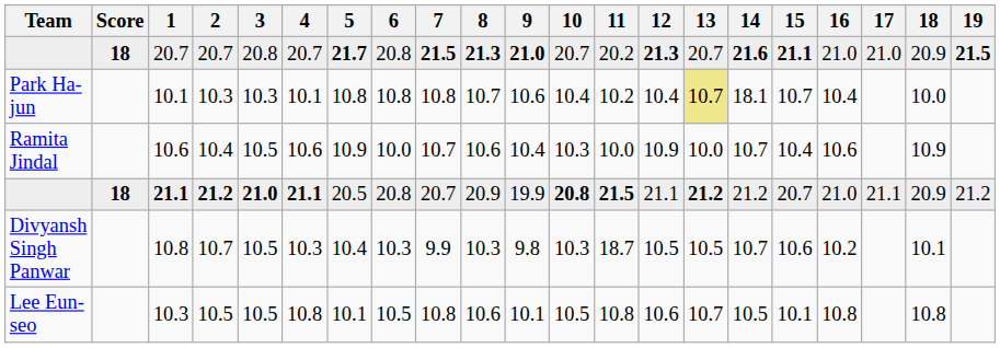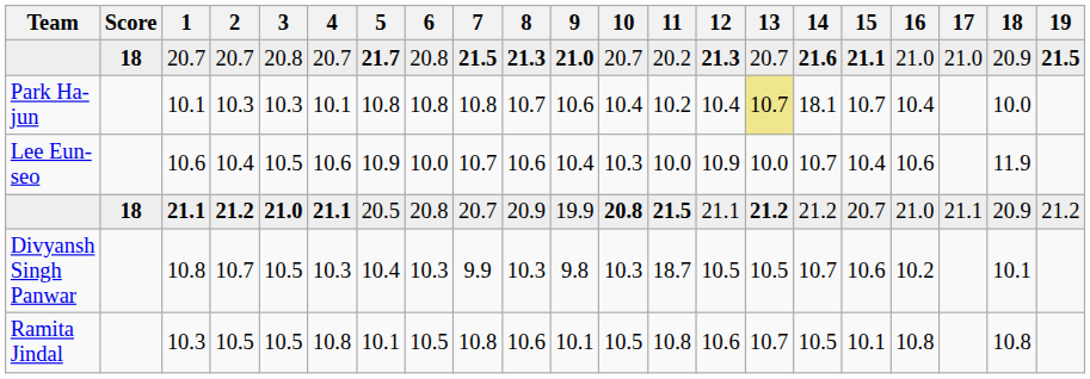 <table class="wikitable" style="text-align:center">
 <tr>
 <th width=200>Team</th>
 <th width=40>Score</th>
 <th width=30>1</th>
 <th width=30>2</th>
 <th width=30>3</th>
 <th width=30>4</th>
 <th width=30>5</th>
 <th width=30>6</th>
 <th width=30>7</th>
 <th width=30>8</th>
 <th width=30>9</th>
 <th width=30>10</th>
 <th width=30>11</th>
 <th width=30>12</th>
 <th width=30>13</th>
 <th width=30>14</th>
 <th width=30>15</th>
 <th width=30>16</th>
 <th width=30>17</th>
 <th width=30>18</th>
 <th width=30>19</th>
 </tr>
 <tr bgcolor=eeeeee>
 <td align=left></td>
 <td><strong>18</strong></td>
 <td>20.7</td>
 <td>20.7</td>
 <td>20.8</td>
 <td>20.7</td>
 <td><strong>21.7</strong></td>
 <td>20.8</td>
 <td><strong>21.5</strong></td>
 <td><strong>21.3</strong></td>
 <td><strong>21.0</strong></td>
 <td>20.7</td>
 <td>20.2</td>
 <td><strong>21.3</strong></td>
 <td>20.7</td>
 <td><strong>21.6</strong></td>
 <td><strong>21.1</strong></td>
 <td>21.0</td>
 <td>21.0</td>
 <td>20.9</td>
 <td><strong>21.5</strong></td>
 </tr>
 <tr>
 <td align=left><a href='#'>Park Ha-jun</a></td>
 <td></td>
 <td>10.1</td>
 <td>10.3</td>
 <td>10.3</td>
 <td>10.1</td>
 <td>10.8</td>
 <td>10.8</td>
 <td>10.8</td>
 <td>10.7</td>
 <td>10.6</td>
 <td>10.4</td>
 <td>10.2</td>
 <td>10.4</td>
 <td style="background: khaki;">10.7</td>
 <td>18.1</td>
 <td>10.7</td>
 <td>10.4</td>
 <td></td>
 <td>10.0</td>
 <td></td>
 </tr>
 <tr>
-<td align=left><a href='#'>Ramita Jindal</a></td>
+<td align=left><a href='#'>Lee Eun-seo</a></td>
 <td></td>
 <td>10.6</td>
 <td>10.4</td>
 <td>10.5</td>
 <td>10.6</td>
 <td>10.9</td>
 <td>10.0</td>
 <td>10.7</td>
 <td>10.6</td>
 <td>10.4</td>
 <td>10.3</td>
 <td>10.0</td>
 <td>10.9</td>
 <td>10.0</td>
 <td>10.7</td>
 <td>10.4</td>
 <td>10.6</td>
 <td></td>
-<td>10.9</td>
+<td>11.9</td>
 <td></td>
 </tr>
 <tr bgcolor=eeeeee>
 <td align=left></td>
 <td><strong>18</strong></td>
 <td><strong>21.1</strong></td>
 <td><strong>21.2</strong></td>
 <td><strong>21.0</strong></td>
 <td><strong>21.1</strong></td>
 <td>20.5</td>
 <td>20.8</td>
 <td>20.7</td>
 <td>20.9</td>
 <td>19.9</td>
 <td><strong>20.8</strong></td>
 <td><strong>21.5</strong></td>
 <td>21.1</td>
 <td><strong>21.2</strong></td>
 <td>21.2</td>
 <td>20.7</td>
 <td>21.0</td>
 <td>21.1</td>
 <td>20.9</td>
 <td>21.2</td>
 </tr>
 <tr>
 <td align=left><a href='#'>Divyansh Singh Panwar</a></td>
 <td></td>
 <td>10.8</td>
 <td>10.7</td>
 <td>10.5</td>
 <td>10.3</td>
 <td>10.4</td>
 <td>10.3</td>
 <td>9.9</td>
 <td>10.3</td>
 <td>9.8</td>
 <td>10.3</td>
 <td>18.7</td>
 <td>10.5</td>
 <td>10.5</td>
 <td>10.7</td>
 <td>10.6</td>
 <td>10.2</td>
 <td></td>
 <td>10.1</td>
 <td></td>
 </tr>
 <tr>
-<td align=left><a href='#'>Lee Eun-seo</a></td>
+<td align=left><a href='#'>Ramita Jindal</a></td>
 <td></td>
 <td>10.3</td>
 <td>10.5</td>
 <td>10.5</td>
 <td>10.8</td>
 <td>10.1</td>
 <td>10.5</td>
 <td>10.8</td>
 <td>10.6</td>
 <td>10.1</td>
 <td>10.5</td>
 <td>10.8</td>
 <td>10.6</td>
 <td>10.7</td>
 <td>10.5</td>
 <td>10.1</td>
 <td>10.8</td>
 <td></td>
 <td>10.8</td>
 <td></td>
 </tr>
 </table>
